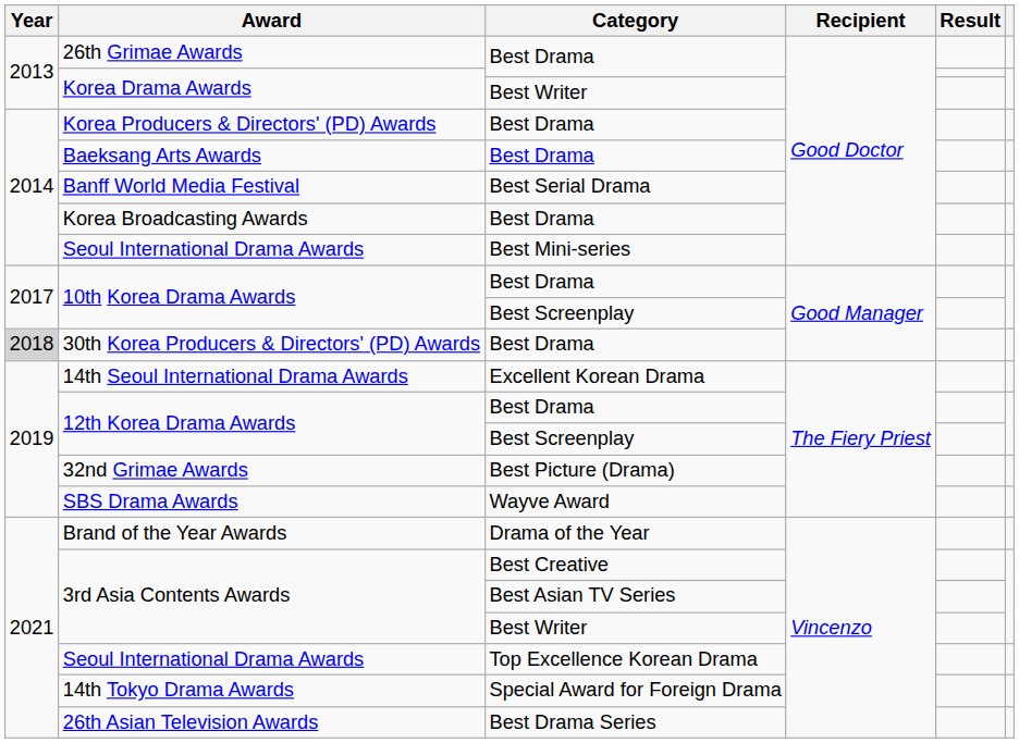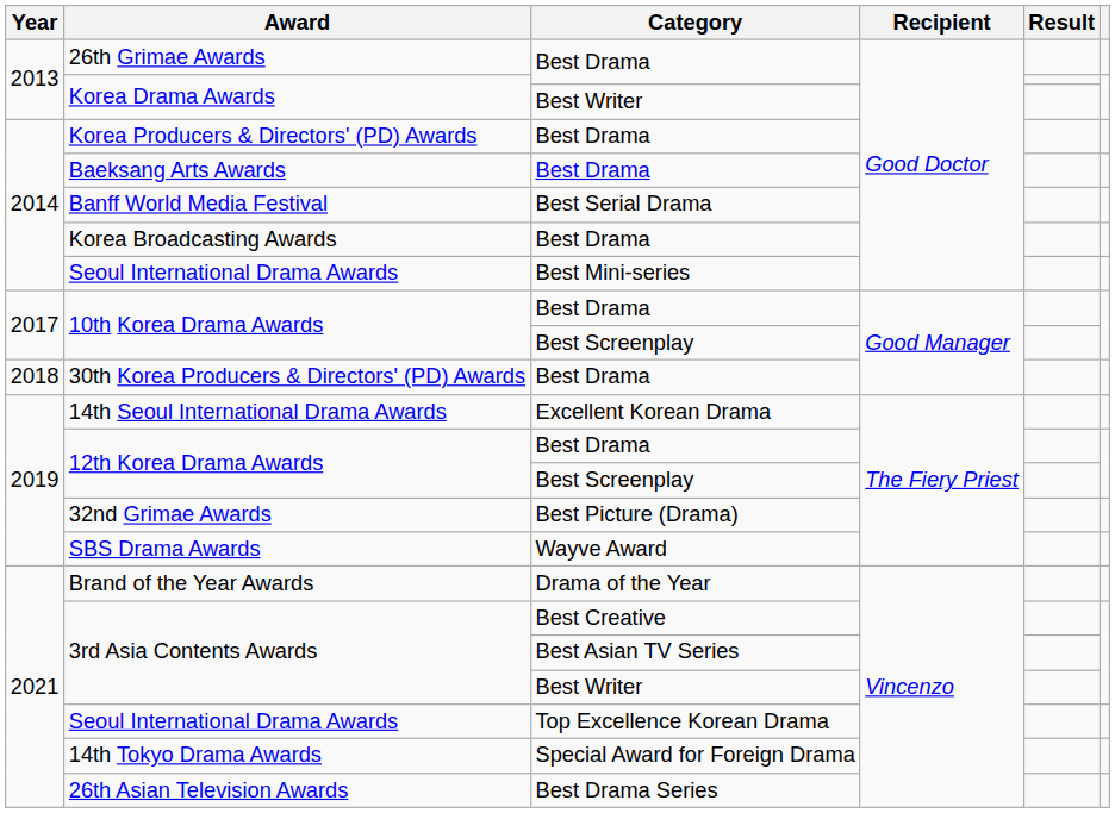 <table class="wikitable">
 <tr>
 <th>Year</th>
 <th>Award</th>
 <th>Category</th>
 <th>Recipient</th>
 <th>Result</th>
 <th class="unsortable"></th>
 </tr>
 <tr>
 <td rowspan="3">2013</td>
 <td>26th <a href='#'>Grimae Awards</a></td>
 <td rowspan="2">Best Drama</td>
 <td rowspan="8"><em><a href='#'>Good Doctor</a></em></td>
 <td></td>
 <td></td>
 </tr>
 <tr>
 <td rowspan="2"><a href='#'>Korea Drama Awards</a></td>
 <td></td>
 <td rowspan="2"></td>
 </tr>
 <tr>
 <td>Best Writer</td>
 <td></td>
 </tr>
 <tr>
 <td rowspan="5">2014</td>
 <td><a href='#'>Korea Producers & Directors' (PD) Awards</a></td>
 <td>Best Drama</td>
 <td></td>
 <td></td>
 </tr>
 <tr>
 <td><a href='#'>Baeksang Arts Awards</a></td>
 <td><a href='#'>Best Drama</a></td>
 <td></td>
 <td></td>
 </tr>
 <tr>
 <td><a href='#'>Banff World Media Festival</a></td>
 <td>Best Serial Drama</td>
 <td></td>
 <td></td>
 </tr>
 <tr>
 <td>Korea Broadcasting Awards</td>
 <td>Best Drama</td>
 <td></td>
 <td></td>
 </tr>
 <tr>
 <td><a href='#'>Seoul International Drama Awards</a></td>
 <td>Best Mini-series</td>
 <td></td>
 <td></td>
 </tr>
 <tr>
 <td rowspan="2">2017</td>
 <td rowspan="2"><a href='#'>10th</a> <a href='#'>Korea Drama Awards</a></td>
 <td>Best Drama</td>
 <td rowspan="3"><em><a href='#'>Good Manager</a></em></td>
 <td></td>
 <td rowspan="2"></td>
 </tr>
 <tr>
 <td>Best Screenplay</td>
 <td></td>
 </tr>
 <tr>
-<td style="background: lightgrey;">2018</td>
+<td>2018</td>
 <td>30th <a href='#'>Korea Producers & Directors' (PD) Awards</a></td>
 <td>Best Drama</td>
 <td></td>
 <td></td>
 </tr>
 <tr>
 <td rowspan="5">2019</td>
 <td>14th <a href='#'>Seoul International Drama Awards</a></td>
 <td>Excellent Korean Drama</td>
 <td rowspan="5"><em><a href='#'>The Fiery Priest</a></em></td>
 <td></td>
 <td></td>
 </tr>
 <tr>
 <td rowspan="2"><a href='#'>12th Korea Drama Awards</a></td>
 <td>Best Drama</td>
 <td></td>
 <td rowspan="2"></td>
 </tr>
 <tr>
 <td>Best Screenplay</td>
 <td></td>
 </tr>
 <tr>
 <td>32nd <a href='#'>Grimae Awards</a></td>
 <td>Best Picture (Drama)</td>
 <td></td>
 <td></td>
 </tr>
 <tr>
 <td><a href='#'>SBS Drama Awards</a></td>
 <td>Wayve Award</td>
 <td></td>
 <td></td>
 </tr>
 <tr>
 <td rowspan="7">2021</td>
 <td scope="row">Brand of the Year Awards</td>
 <td>Drama of the Year</td>
 <td rowspan="7"><em><a href='#'>Vincenzo</a></em></td>
 <td></td>
 <td></td>
 </tr>
 <tr>
 <td rowspan="3" scope="row">3rd Asia Contents Awards</td>
 <td>Best Creative</td>
 <td></td>
 <td rowspan="3"></td>
 </tr>
 <tr>
 <td>Best Asian TV Series</td>
 <td></td>
 </tr>
 <tr>
 <td>Best Writer</td>
 <td></td>
 </tr>
 <tr>
 <td scope="row"><a href='#'>Seoul International Drama Awards</a></td>
 <td>Top Excellence Korean Drama</td>
 <td></td>
 <td></td>
 </tr>
 <tr>
 <td rowspan="1" scope="row">14th <a href='#'>Tokyo Drama Awards</a></td>
 <td>Special Award for Foreign Drama</td>
 <td></td>
 <td></td>
 </tr>
 <tr>
 <td rowspan="1" scope="row"><a href='#'>26th Asian Television Awards</a></td>
 <td>Best Drama Series</td>
 <td></td>
 <td></td>
 </tr>
 </table>
